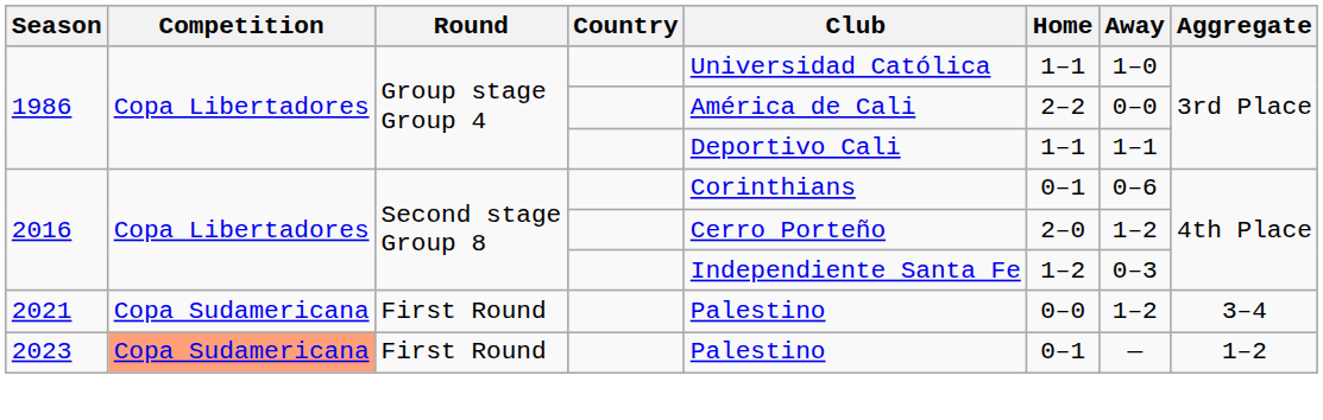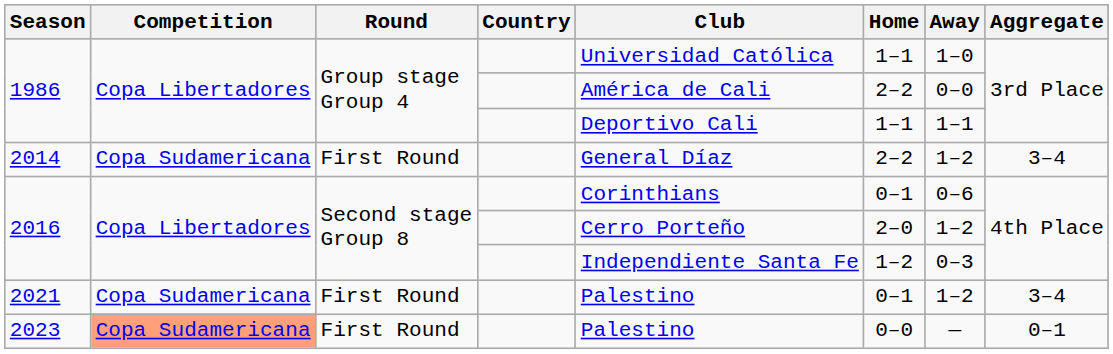 <table class="wikitable" style="text-align:left;">
 <tr>
 <th>Season</th>
 <th>Competition</th>
 <th>Round</th>
 <th>Country</th>
 <th>Club</th>
 <th>Home</th>
 <th>Away</th>
 <th>Aggregate</th>
 </tr>
 <tr>
 <td rowspan="3"><a href='#'>1986</a></td>
 <td rowspan="3"><a href='#'>Copa Libertadores</a></td>
 <td rowspan="3">Group stage<br>Group 4</td>
 <td></td>
 <td><a href='#'>Universidad Católica</a></td>
 <td style="text-align:center;">1–1</td>
 <td style="text-align:center;">1–0</td>
 <td style="text-align:center;" rowspan=3>3rd Place</td>
 </tr>
 <tr>
 <td></td>
 <td><a href='#'>América de Cali</a></td>
 <td style="text-align:center;">2–2</td>
 <td style="text-align:center;">0–0</td>
 </tr>
 <tr>
 <td></td>
 <td><a href='#'>Deportivo Cali</a></td>
 <td style="text-align:center;">1–1</td>
 <td style="text-align:center;">1–1</td>
 </tr>
 <tr>
+<td><a href='#'>2014</a></td>
+<td><a href='#'>Copa Sudamericana</a></td>
+<td>First Round</td>
+<td></td>
+<td><a href='#'>General Díaz</a></td>
+<td style="text-align:center;">2–2</td>
+<td style="text-align:center;">1–2</td>
+<td style="text-align:center;">3–4</td>
+</tr>
+<tr>
 <td rowspan="3"><a href='#'>2016</a></td>
 <td rowspan="3"><a href='#'>Copa Libertadores</a></td>
 <td rowspan="3">Second stage<br>Group 8</td>
 <td></td>
 <td><a href='#'>Corinthians</a></td>
 <td style="text-align:center;">0–1</td>
 <td style="text-align:center;">0–6</td>
 <td style="text-align:center;" rowspan=3>4th Place</td>
 </tr>
 <tr>
 <td></td>
 <td><a href='#'>Cerro Porteño</a></td>
 <td style="text-align:center;">2–0</td>
 <td style="text-align:center;">1–2</td>
 </tr>
 <tr>
 <td></td>
 <td><a href='#'>Independiente Santa Fe</a></td>
 <td style="text-align:center;">1–2</td>
 <td style="text-align:center;">0–3</td>
 </tr>
 <tr>
 <td><a href='#'>2021</a></td>
 <td><a href='#'>Copa Sudamericana</a></td>
 <td>First Round</td>
 <td></td>
 <td><a href='#'>Palestino</a></td>
-<td style="text-align:center;">0–0</td>
+<td style="text-align:center;">0–1</td>
 <td style="text-align:center;">1–2</td>
 <td style="text-align:center;">3–4</td>
 </tr>
 <tr>
 <td><a href='#'>2023</a></td>
 <td style="background: lightsalmon;"><a href='#'>Copa Sudamericana</a></td>
 <td>First Round</td>
 <td></td>
 <td><a href='#'>Palestino</a></td>
+<td style="text-align:center;">0–0</td>
+<td style="text-align:center;">—</td>
 <td style="text-align:center;">0–1</td>
-<td style="text-align:center;">—</td>
-<td style="text-align:center;">1–2</td>
 </tr>
 </table>
